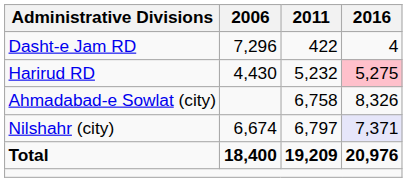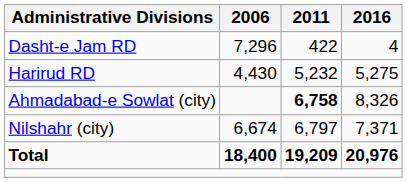 <table class="wikitable">
 <tr>
 <th>Administrative Divisions</th>
 <th>2006</th>
 <th>2011</th>
 <th>2016</th>
 </tr>
 <tr>
 <td><a href='#'>Dasht-e Jam RD</a></td>
 <td style="text-align: right;">7,296</td>
 <td style="text-align: right;">422</td>
 <td style="text-align: right;">4</td>
 </tr>
 <tr>
 <td><a href='#'>Harirud RD</a></td>
 <td style="text-align: right;">4,430</td>
 <td style="text-align: right;">5,232</td>
-<td style="background: pink; text-align: right;">5,275</td>
+<td style="text-align: right;">5,275</td>
 </tr>
 <tr>
 <td><a href='#'>Ahmadabad-e Sowlat</a> (city)</td>
 <td style="text-align: right;"></td>
-<td style="text-align: right;">6,758</td>
+<td style="text-align: right;"><strong>6,758</strong></td>
 <td style="text-align: right;">8,326</td>
 </tr>
 <tr>
 <td><a href='#'>Nilshahr</a> (city)</td>
 <td style="text-align: right;">6,674</td>
 <td style="text-align: right;">6,797</td>
-<td style="background: lavender; text-align: right;">7,371</td>
+<td style="text-align: right;">7,371</td>
 </tr>
 <tr>
 <td><strong>Total</strong></td>
 <td style="text-align: right;"><strong>18,400</strong></td>
 <td style="text-align: right;"><strong>19,209</strong></td>
 <td style="text-align: right;"><strong>20,976</strong></td>
 </tr>
 <tr>
 <td colspan=4></td>
 </tr>
 </table>
